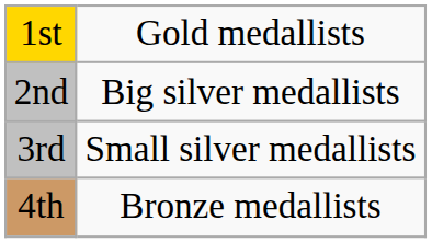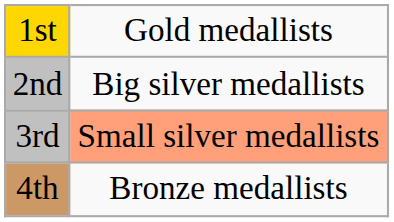 <table class="wikitable" style="text-align:center">
 <tr>
 <td style=background:gold>1st</td>
 <td>Gold medallists</td>
 </tr>
 <tr>
 <td style=background:silver>2nd</td>
 <td>Big silver medallists</td>
 </tr>
 <tr>
 <td style=background:silver>3rd</td>
-<td>Small silver medallists</td>
+<td style="background: lightsalmon;">Small silver medallists</td>
 </tr>
 <tr>
 <td style=background:#cc9966>4th</td>
 <td>Bronze medallists</td>
 </tr>
 </table>
